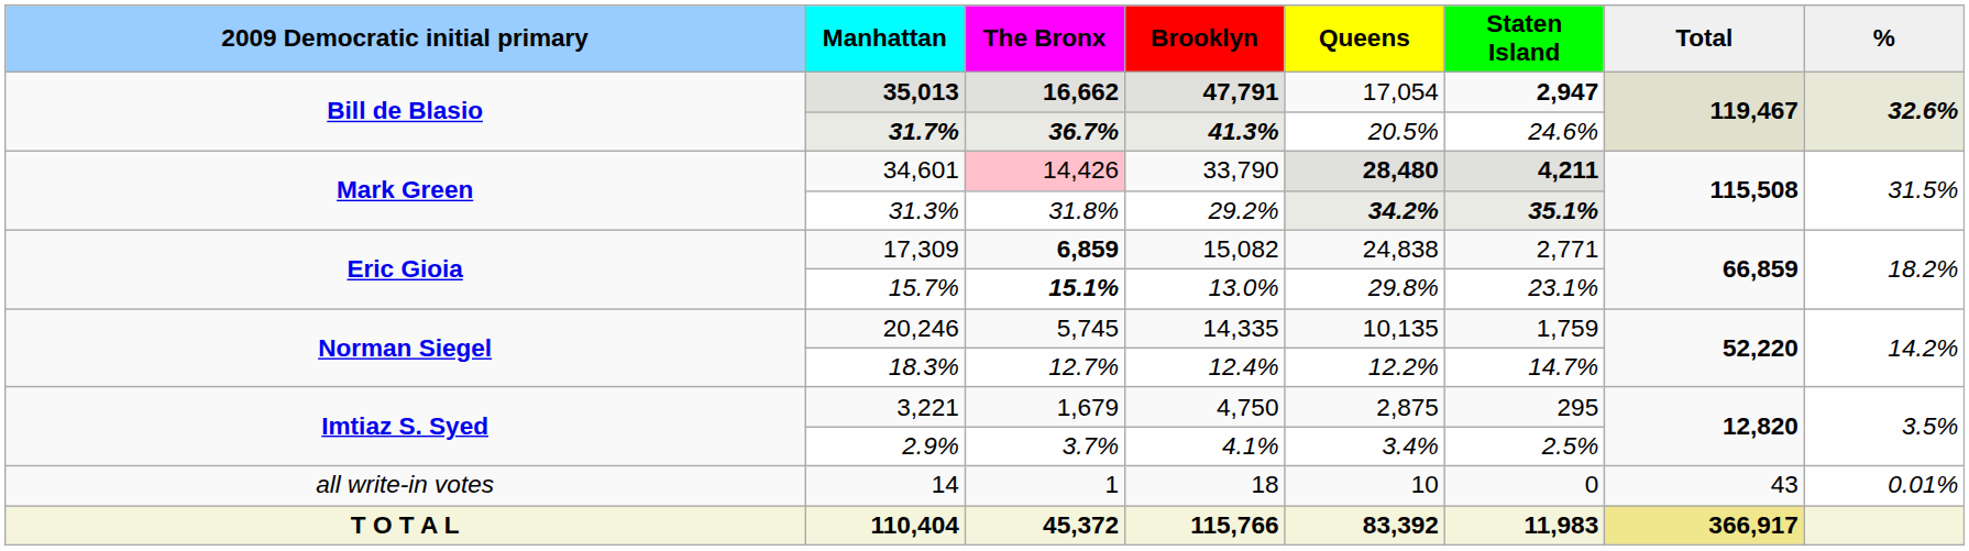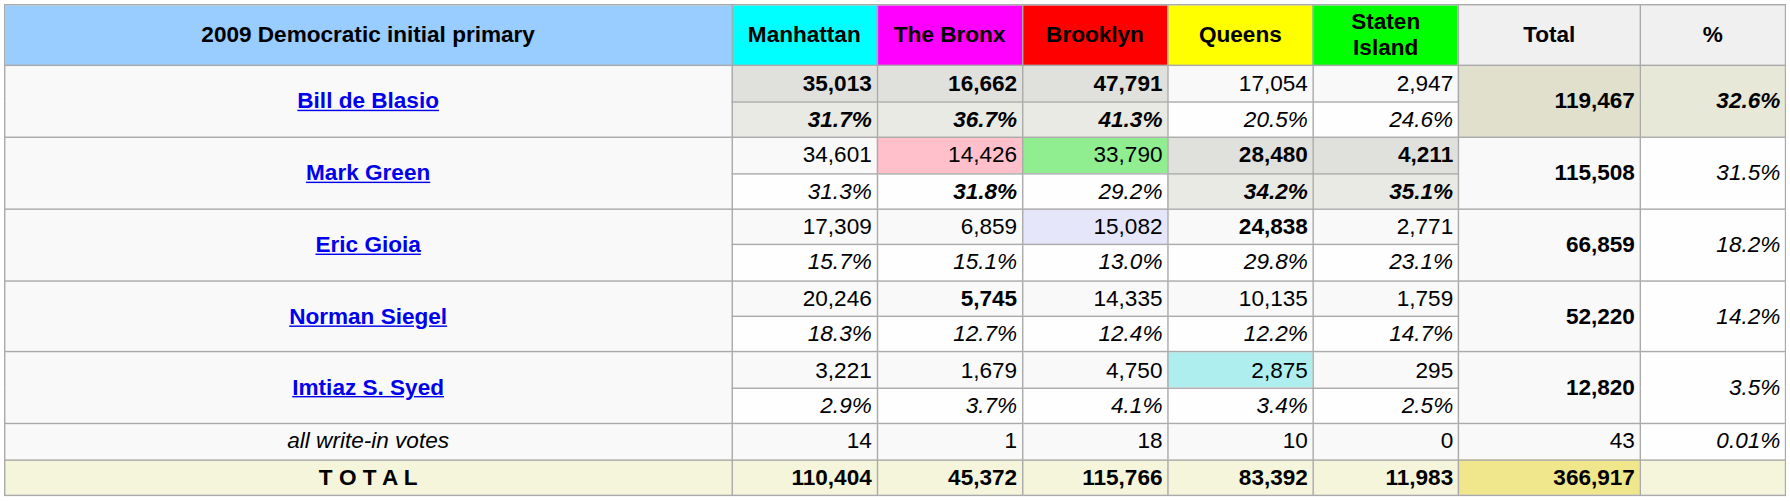 <table class="wikitable" style="width:100%; text-align:right;">
 <tr style="text-align:center;">
 <td style="width:40%; background:#9cf;"><strong>2009 Democratic initial primary</strong></td>
 <td style="width:8%; background:aqua;"><strong>Manhattan</strong></td>
 <td style="width:8%; background:magenta;"><strong>The Bronx</strong></td>
 <td style="width:8%; background:red;"><strong>Brooklyn</strong></td>
 <td style="width:8%; background:yellow;"><strong>Queens</strong></td>
 <td style="width:8%; background:lime;"><strong>Staten Island</strong></td>
 <td style="width:10%; background:#f0f0f0;"><strong>Total</strong></td>
 <td style="width:8%; background:#f0f0f0;"><strong>%</strong></td>
 </tr>
 <tr>
 <td rowspan="2" style="text-align:center;"><strong><a href='#'>Bill de Blasio</a></strong></td>
 <td style="background:#e0e0dd;"><strong>35,013</strong></td>
 <td style="background:#e0e0dd;"><strong>16,662</strong></td>
 <td style="background:#e0e0dd;"><strong>47,791</strong></td>
 <td>17,054</td>
-<td><strong>2,947</strong></td>
+<td>2,947</td>
 <td rowspan="2" style="background:#e0e0cc;"><strong>119,467</strong></td>
 <td rowspan="2" style="background:#e8e8d8;"><strong><em>32.6%</em></strong></td>
 </tr>
 <tr style="background:#fefefe;">
 <td bgcolor=eaeae5><strong><em>31.7%</em></strong></td>
 <td bgcolor=eaeae5><strong><em>36.7%</em></strong></td>
 <td bgcolor=eaeae5><strong><em>41.3%</em></strong></td>
 <td><em>20.5%</em></td>
 <td><em>24.6%</em></td>
 </tr>
 <tr>
 <td rowspan="2" style="text-align:center;"><strong><a href='#'>Mark Green</a></strong></td>
 <td>34,601</td>
 <td style="background: pink;">14,426</td>
-<td>33,790</td>
+<td style="background: lightgreen;">33,790</td>
 <td style="background:#e0e0dd;"><strong>28,480</strong></td>
 <td style="background:#e0e0dd;"><strong>4,211</strong></td>
 <td rowspan="2"><strong>115,508</strong></td>
 <td rowspan="2" style="background:#fefefe;"><em>31.5%</em></td>
 </tr>
 <tr style="background:#fefefe;">
 <td><em>31.3%</em></td>
-<td><em>31.8%</em></td>
+<td><strong><em>31.8%</em></strong></td>
 <td><em>29.2%</em></td>
 <td bgcolor=eaeae5><strong><em>34.2%</em></strong></td>
 <td bgcolor=eaeae5><strong><em>35.1%</em></strong></td>
 </tr>
 <tr>
 <td rowspan="2" style="text-align:center;"><strong><a href='#'>Eric Gioia</a></strong></td>
 <td>17,309</td>
-<td><strong>6,859</strong></td>
-<td>15,082</td>
-<td>24,838</td>
+<td>6,859</td>
+<td style="background: lavender;">15,082</td>
+<td><strong>24,838</strong></td>
 <td>2,771</td>
 <td rowspan="2"><strong>66,859</strong></td>
 <td rowspan="2" style="background:#fefefe;"><em>18.2%</em></td>
 </tr>
 <tr style="background:#fefefe;">
 <td><em>15.7%</em></td>
-<td><strong><em>15.1%</em></strong></td>
+<td><em>15.1%</em></td>
 <td><em>13.0%</em></td>
 <td><em>29.8%</em></td>
 <td><em>23.1%</em></td>
 </tr>
 <tr>
 <td rowspan="2" style="text-align:center;"><strong><a href='#'>Norman Siegel</a></strong></td>
 <td>20,246</td>
-<td>5,745</td>
+<td><strong>5,745</strong></td>
 <td>14,335</td>
 <td>10,135</td>
 <td>1,759</td>
 <td rowspan="2"><strong>52,220</strong></td>
 <td rowspan="2" style="background:#fefefe;"><em>14.2%</em></td>
 </tr>
 <tr style="background:#fefefe;">
 <td><em>18.3%</em></td>
 <td><em>12.7%</em></td>
 <td><em>12.4%</em></td>
 <td><em>12.2%</em></td>
 <td><em>14.7%</em></td>
 </tr>
 <tr>
 <td rowspan="2" style="text-align:center;"><strong><a href='#'>Imtiaz S. Syed</a></strong></td>
 <td>3,221</td>
 <td>1,679</td>
 <td>4,750</td>
-<td>2,875</td>
+<td style="background: paleturquoise;">2,875</td>
 <td>295</td>
 <td rowspan="2"><strong>12,820</strong></td>
 <td style="background:#fefefe;" rowspan="2"><em>3.5%</em></td>
 </tr>
 <tr style="background:#fefefe;">
 <td><em>2.9%</em></td>
 <td><em>3.7%</em></td>
 <td><em>4.1%</em></td>
 <td><em>3.4%</em></td>
 <td><em>2.5%</em></td>
 </tr>
 <tr>
 <td align=center><em>all write-in votes</em></td>
 <td>14</td>
 <td>1</td>
 <td>18</td>
 <td>10</td>
 <td>0</td>
 <td>43</td>
 <td bgcolor=fefefe><em>0.01%</em></td>
 </tr>
 <tr style="background:beige;">
 <td align=center><strong>T O T A L</strong></td>
 <td><strong>110,404</strong></td>
 <td><strong>45,372</strong></td>
 <td><strong>115,766</strong></td>
 <td><strong>83,392</strong></td>
 <td><strong>11,983</strong></td>
 <td bgcolor=khaki><strong>366,917</strong></td>
 <td></td>
 </tr>
 </table>
